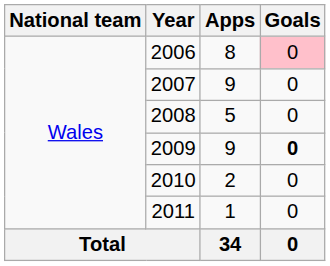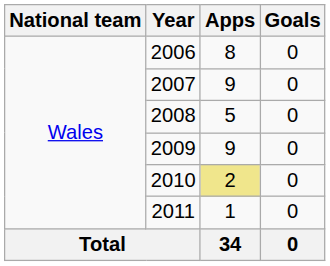 <table class=wikitable style="text-align: center;">
 <tr>
 <th>National team</th>
 <th>Year</th>
 <th>Apps</th>
 <th>Goals</th>
 </tr>
 <tr>
 <td rowspan=6><a href='#'>Wales</a></td>
 <td>2006</td>
 <td>8</td>
-<td style="background: pink;">0</td>
+<td>0</td>
 </tr>
 <tr>
 <td>2007</td>
 <td>9</td>
 <td>0</td>
 </tr>
 <tr>
 <td>2008</td>
 <td>5</td>
 <td>0</td>
 </tr>
 <tr>
 <td>2009</td>
 <td>9</td>
-<td><strong>0</strong></td>
+<td>0</td>
 </tr>
 <tr>
 <td>2010</td>
-<td>2</td>
+<td style="background: khaki;">2</td>
 <td>0</td>
 </tr>
 <tr>
 <td>2011</td>
 <td>1</td>
 <td>0</td>
 </tr>
 <tr>
 <th colspan=2>Total</th>
 <th>34</th>
 <th>0</th>
 </tr>
 </table>
